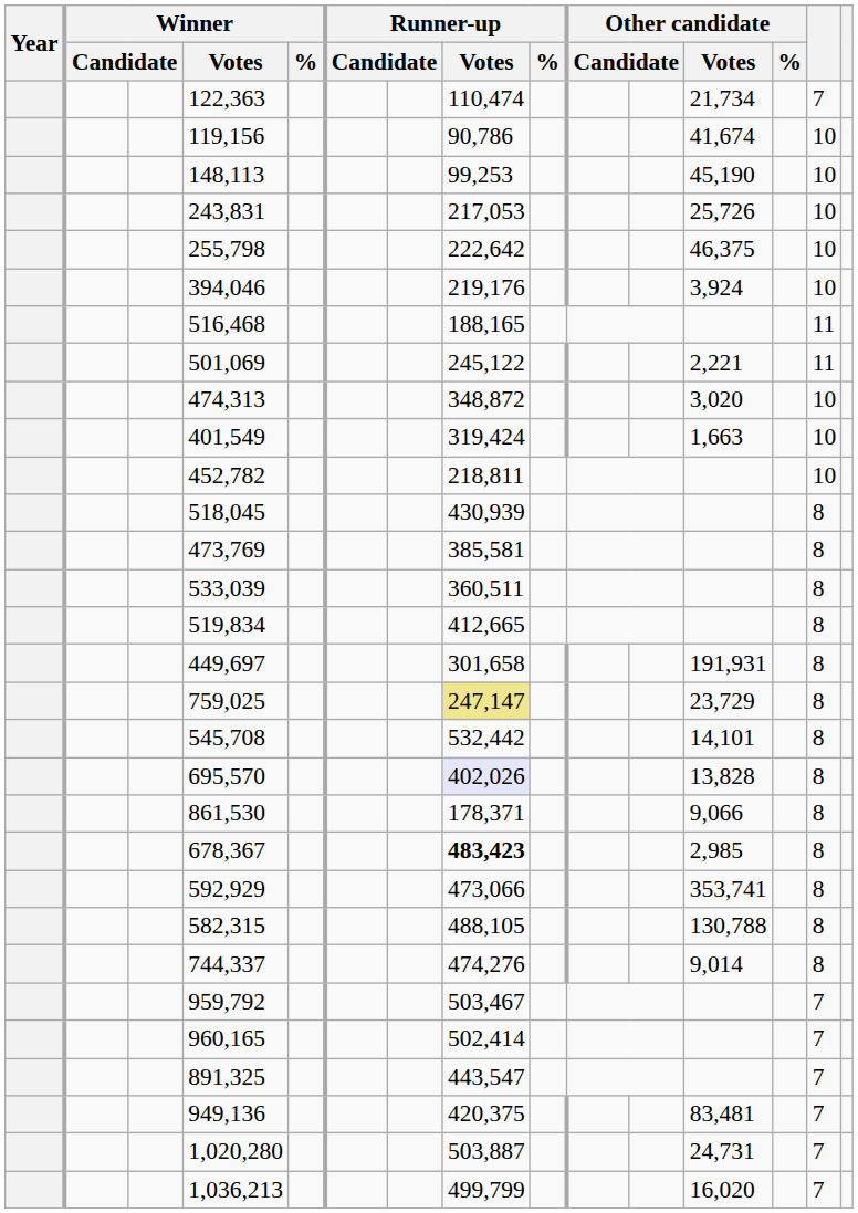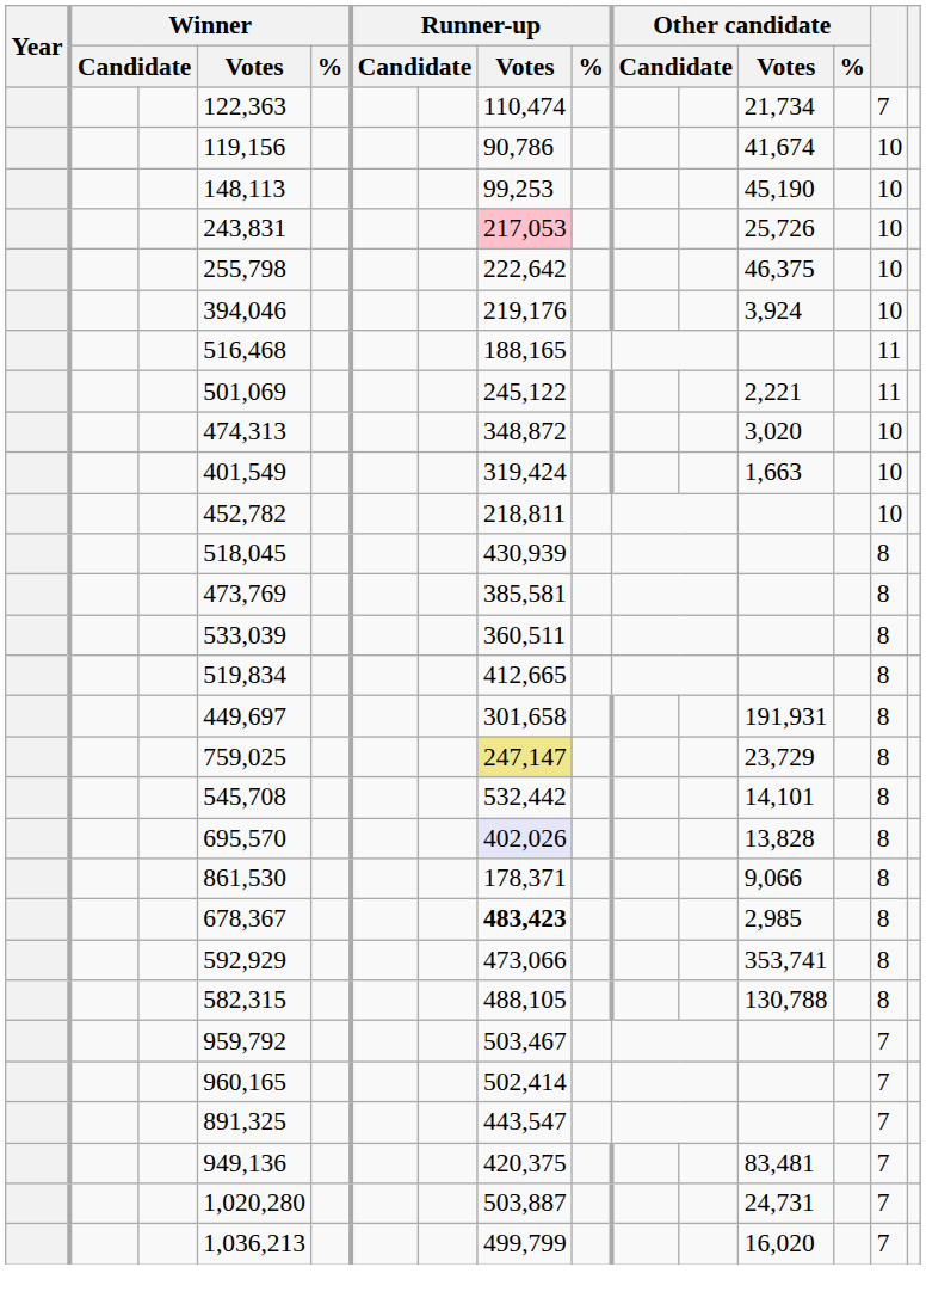 <table class="wikitable sortable">
 <tr>
 <th rowspan="2" scope="col">Year</th>
 <th colspan="4" scope="col" style="border-left:3px solid darkgray;">Winner</th>
 <th colspan="4" scope="col" style="border-left:3px solid darkgray;">Runner-up</th>
 <th colspan="4" scope="col" style="border-left:3px solid darkgray;">Other candidate</th>
 <th rowspan="2" scope="col"></th>
 <th rowspan="2" class="unsortable" scope="col"></th>
 </tr>
 <tr>
 <th colspan="2" scope="col" style="border-left:3px solid darkgray;">Candidate</th>
 <th data-sort-type="number" scope="col">Votes</th>
 <th data-sort-type="number" scope="col">%</th>
 <th colspan="2" scope="col" style="border-left:3px solid darkgray;">Candidate</th>
 <th data-sort-type="number" scope="col">Votes</th>
 <th data-sort-type="number" scope="col">%</th>
 <th colspan="2" scope="col" style="border-left:3px solid darkgray;">Candidate</th>
 <th data-sort-type="number" scope="col">Votes</th>
 <th data-sort-type="number" scope="col">%</th>
 </tr>
 <tr>
 <th scope="row"></th>
 <td style="text-align:left; border-left:3px solid darkgray; background-color:"></td>
 <td><strong></strong> </td>
 <td>122,363</td>
 <td></td>
 <td style="text-align:left; border-left:3px solid darkgray; background-color:"></td>
 <td> </td>
 <td>110,474</td>
 <td></td>
 <td style="text-align:left; border-left:3px solid darkgray; background-color:"></td>
 <td> </td>
 <td>21,734</td>
 <td></td>
 <td>7</td>
 <td></td>
 </tr>
 <tr>
 <th scope="row"></th>
 <td style="text-align:left; border-left:3px solid darkgray; background-color:"></td>
 <td><strong></strong> </td>
 <td>119,156</td>
 <td></td>
 <td style="text-align:left; border-left:3px solid darkgray; background-color:"></td>
 <td> </td>
 <td>90,786</td>
 <td></td>
 <td style="text-align:left; border-left:3px solid darkgray; background-color:"></td>
 <td> </td>
 <td>41,674</td>
 <td></td>
 <td>10</td>
 <td></td>
 </tr>
 <tr>
 <th scope="row"></th>
 <td style="text-align:left; border-left:3px solid darkgray; background-color:"></td>
 <td><strong></strong> </td>
 <td>148,113</td>
 <td></td>
 <td style="text-align:left; border-left:3px solid darkgray; background-color:"></td>
 <td> </td>
 <td>99,253</td>
 <td></td>
 <td style="text-align:left; border-left:3px solid darkgray; background-color:"></td>
 <td> </td>
 <td>45,190</td>
 <td></td>
 <td>10</td>
 <td></td>
 </tr>
 <tr>
 <th scope="row"></th>
 <td style="text-align:left; border-left:3px solid darkgray; background-color:"></td>
 <td><strong></strong>  </td>
 <td>243,831</td>
 <td></td>
 <td style="text-align:left; border-left:3px solid darkgray; background-color:"></td>
 <td> </td>
-<td>217,053</td>
+<td style="background: pink;">217,053</td>
 <td></td>
 <td style="text-align:left; border-left:3px solid darkgray; background-color:"></td>
 <td> </td>
 <td>25,726</td>
 <td></td>
 <td>10</td>
 <td></td>
 </tr>
 <tr>
 <th scope="row"></th>
 <td style="text-align:left; border-left:3px solid darkgray; background-color:"></td>
 <td><strong></strong> </td>
 <td>255,798</td>
 <td></td>
 <td style="text-align:left; border-left:3px solid darkgray; background-color:"></td>
 <td>  </td>
 <td>222,642</td>
 <td></td>
 <td style="text-align:left; border-left:3px solid darkgray; background-color:"></td>
 <td> </td>
 <td>46,375</td>
 <td></td>
 <td>10</td>
 <td></td>
 </tr>
 <tr>
 <th scope="row"></th>
 <td style="text-align:left; border-left:3px solid darkgray; background-color:"></td>
 <td><strong></strong> </td>
 <td>394,046</td>
 <td></td>
 <td style="text-align:left; border-left:3px solid darkgray; background-color:"></td>
 <td> </td>
 <td>219,176</td>
 <td></td>
 <td style="text-align:left; border-left:3px solid darkgray; background-color:"></td>
 <td> </td>
 <td>3,924</td>
 <td></td>
 <td>10</td>
 <td></td>
 </tr>
 <tr>
 <th scope="row"></th>
 <td style="text-align:left; border-left:3px solid darkgray; background-color:"></td>
 <td><strong></strong> </td>
 <td>516,468</td>
 <td></td>
 <td style="text-align:left; border-left:3px solid darkgray; background-color:"></td>
 <td> </td>
 <td>188,165</td>
 <td></td>
 <td colspan="2" style="text-align:left; "></td>
 <td></td>
 <td></td>
 <td>11</td>
 <td></td>
 </tr>
 <tr>
 <th scope="row"></th>
 <td style="text-align:left; border-left:3px solid darkgray; background-color:"></td>
 <td><strong></strong> </td>
 <td>501,069</td>
 <td></td>
 <td style="text-align:left; border-left:3px solid darkgray; background-color:"></td>
 <td> </td>
 <td>245,122</td>
 <td></td>
 <td style="text-align:left; border-left:3px solid darkgray; background-color:"></td>
 <td> </td>
 <td>2,221</td>
 <td></td>
 <td>11</td>
 <td></td>
 </tr>
 <tr>
 <th scope="row"></th>
 <td style="text-align:left; border-left:3px solid darkgray; background-color:"></td>
 <td><strong></strong> </td>
 <td>474,313</td>
 <td></td>
 <td style="text-align:left; border-left:3px solid darkgray; background-color:"></td>
 <td> </td>
 <td>348,872</td>
 <td></td>
 <td style="text-align:left; border-left:3px solid darkgray; background-color:"></td>
 <td> </td>
 <td>3,020</td>
 <td></td>
 <td>10</td>
 <td></td>
 </tr>
 <tr>
 <th scope="row"></th>
 <td style="text-align:left; border-left:3px solid darkgray; background-color:"></td>
 <td><strong></strong> </td>
 <td>401,549</td>
 <td></td>
 <td style="text-align:left; border-left:3px solid darkgray; background-color:"></td>
 <td> </td>
 <td>319,424</td>
 <td></td>
 <td style="text-align:left; border-left:3px solid darkgray; background-color:"></td>
 <td> </td>
 <td>1,663</td>
 <td></td>
 <td>10</td>
 <td></td>
 </tr>
 <tr>
 <th scope="row"></th>
 <td style="text-align:left; border-left:3px solid darkgray; background-color:"></td>
 <td><strong></strong> </td>
 <td>452,782</td>
 <td></td>
 <td style="text-align:left; border-left:3px solid darkgray; background-color:"></td>
 <td> </td>
 <td>218,811</td>
 <td></td>
 <td colspan="2" style="text-align:left;"></td>
 <td></td>
 <td></td>
 <td>10</td>
 <td></td>
 </tr>
 <tr>
 <th scope="row"></th>
 <td style="text-align:left; border-left:3px solid darkgray; background-color:"></td>
 <td><strong></strong>  </td>
 <td>518,045</td>
 <td></td>
 <td style="text-align:left; border-left:3px solid darkgray; background-color:"></td>
 <td> </td>
 <td>430,939</td>
 <td></td>
 <td colspan="2" style="text-align:left;"></td>
 <td></td>
 <td></td>
 <td>8</td>
 <td></td>
 </tr>
 <tr>
 <th scope="row"></th>
 <td style="text-align:left; border-left:3px solid darkgray; background-color:"></td>
 <td><strong></strong>  </td>
 <td>473,769</td>
 <td></td>
 <td style="text-align:left; border-left:3px solid darkgray; background-color:"></td>
 <td> </td>
 <td>385,581</td>
 <td></td>
 <td colspan="2"></td>
 <td></td>
 <td></td>
 <td>8</td>
 <td></td>
 </tr>
 <tr>
 <th scope="row"></th>
 <td style="text-align:left; border-left:3px solid darkgray; background-color:"></td>
 <td><strong></strong> </td>
 <td>533,039</td>
 <td></td>
 <td style="text-align:left; border-left:3px solid darkgray; background-color:"></td>
 <td>  </td>
 <td>360,511</td>
 <td></td>
 <td colspan="2"></td>
 <td></td>
 <td></td>
 <td>8</td>
 <td></td>
 </tr>
 <tr>
 <th scope="row"></th>
 <td style="text-align:left; border-left:3px solid darkgray; background-color:"></td>
 <td><strong></strong>  </td>
 <td>519,834</td>
 <td></td>
 <td style="text-align:left; border-left:3px solid darkgray; background-color:"></td>
 <td> </td>
 <td>412,665</td>
 <td></td>
 <td colspan="2"></td>
 <td></td>
 <td></td>
 <td>8</td>
 <td></td>
 </tr>
 <tr>
 <th scope="row"></th>
 <td style="text-align:left; border-left:3px solid darkgray; background-color:"></td>
 <td><strong></strong>  </td>
 <td>449,697</td>
 <td></td>
 <td style="text-align:left; border-left:3px solid darkgray; background-color:"></td>
 <td> </td>
 <td>301,658</td>
 <td></td>
 <td style="text-align:left; border-left:3px solid darkgray; background-color:"></td>
 <td> </td>
 <td>191,931</td>
 <td></td>
 <td>8</td>
 <td></td>
 </tr>
 <tr>
 <th scope="row"></th>
 <td style="text-align:left; border-left:3px solid darkgray; background-color:"></td>
 <td><strong></strong>  </td>
 <td>759,025</td>
 <td></td>
 <td style="text-align:left; border-left:3px solid darkgray; background-color:"></td>
 <td> </td>
 <td style="background: khaki;">247,147</td>
 <td></td>
 <td style="text-align:left; border-left:3px solid darkgray; background-color:"></td>
 <td> </td>
 <td>23,729</td>
 <td></td>
 <td>8</td>
 <td></td>
 </tr>
 <tr>
 <th scope="row"></th>
 <td style="text-align:left; border-left:3px solid darkgray; background-color:"></td>
 <td><strong></strong> </td>
 <td>545,708</td>
 <td></td>
 <td style="text-align:left; border-left:3px solid darkgray; background-color:"></td>
 <td>  </td>
 <td>532,442</td>
 <td></td>
 <td style="text-align:left; border-left:3px solid darkgray; background:"></td>
 <td> </td>
 <td>14,101</td>
 <td></td>
 <td>8</td>
 <td></td>
 </tr>
 <tr>
 <th scope="row"></th>
 <td style="text-align:left; border-left:3px solid darkgray; background-color:"></td>
 <td><strong></strong>  </td>
 <td>695,570</td>
 <td></td>
 <td style="text-align:left; border-left:3px solid darkgray; background-color:"></td>
 <td> </td>
 <td style="background: lavender;">402,026</td>
 <td></td>
 <td style="text-align:left; border-left:3px solid darkgray; background-color:"></td>
 <td> </td>
 <td>13,828</td>
 <td></td>
 <td>8</td>
 <td></td>
 </tr>
 <tr>
 <th scope="row"></th>
 <td style="text-align:left; border-left:3px solid darkgray; background-color:"></td>
 <td><strong></strong>  </td>
 <td>861,530</td>
 <td></td>
 <td style="text-align:left; border-left:3px solid darkgray; background-color:"></td>
 <td> </td>
 <td>178,371</td>
 <td></td>
 <td style="text-align:left; border-left:3px solid darkgray; background-color:"></td>
 <td> </td>
 <td>9,066</td>
 <td></td>
 <td>8</td>
 <td></td>
 </tr>
 <tr>
 <th scope="row"></th>
 <td style="text-align:left; border-left:3px solid darkgray; background-color:"></td>
 <td><strong></strong>  </td>
 <td>678,367</td>
 <td></td>
 <td style="text-align:left; border-left:3px solid darkgray; background-color:"></td>
 <td> </td>
 <td><strong>483,423</strong></td>
 <td></td>
 <td style="text-align:left; border-left:3px solid darkgray; background-color:"></td>
 <td> </td>
 <td>2,985</td>
 <td></td>
 <td>8</td>
 <td></td>
 </tr>
 <tr>
 <th scope="row"></th>
 <td style="text-align:left; border-left:3px solid darkgray; background-color:"></td>
 <td><strong></strong> </td>
 <td>592,929</td>
 <td></td>
 <td style="text-align:left; border-left:3px solid darkgray; background-color:"></td>
 <td>  </td>
 <td>473,066</td>
 <td></td>
 <td style="text-align:left; border-left:3px solid darkgray; background-color:"></td>
 <td> </td>
 <td>353,741</td>
 <td></td>
 <td>8</td>
 <td></td>
 </tr>
 <tr>
 <th scope="row"></th>
 <td style="text-align:left; border-left:3px solid darkgray; background-color:"></td>
 <td><strong></strong> </td>
 <td>582,315</td>
 <td></td>
 <td style="text-align:left; border-left:3px solid darkgray; background-color:"></td>
 <td>  </td>
 <td>488,105</td>
 <td></td>
 <td style="text-align:left; border-left:3px solid darkgray; background-color:"></td>
 <td> </td>
 <td>130,788</td>
 <td></td>
 <td>8</td>
 <td></td>
 </tr>
 <tr>
 <th scope="row"></th>
 <td style="text-align:left; border-left:3px solid darkgray; background-color:"></td>
-<td><strong></strong>  </td>
-<td>744,337</td>
-<td></td>
-<td style="text-align:left; border-left:3px solid darkgray; background-color:"></td>
-<td> </td>
-<td>474,276</td>
-<td></td>
-<td style="text-align:left; border-left:3px solid darkgray; background-color:"></td>
-<td> </td>
-<td>9,014</td>
-<td></td>
-<td>8</td>
-<td></td>
-</tr>
-<tr>
-<th scope="row"></th>
-<td style="text-align:left; border-left:3px solid darkgray; background-color:"></td>
 <td><strong></strong> </td>
 <td>959,792</td>
 <td></td>
 <td style="text-align:left; border-left:3px solid darkgray; background-color:"></td>
 <td> </td>
 <td>503,467</td>
 <td></td>
 <td colspan="2"></td>
 <td></td>
 <td></td>
 <td>7</td>
 <td></td>
 </tr>
 <tr>
 <th scope="row"></th>
 <td style="text-align:left; border-left:3px solid darkgray; background-color:"></td>
 <td><strong></strong> </td>
 <td>960,165</td>
 <td></td>
 <td style="text-align:left; border-left:3px solid darkgray; background-color:"></td>
 <td> </td>
 <td>502,414</td>
 <td></td>
 <td colspan="2"></td>
 <td></td>
 <td></td>
 <td>7</td>
 <td></td>
 </tr>
 <tr>
 <th scope="row"><strong></strong></th>
 <td style="text-align:left; border-left:3px solid darkgray; background-color:"></td>
 <td><strong></strong> </td>
 <td>891,325</td>
 <td></td>
 <td style="text-align:left; border-left:3px solid darkgray; background-color:"></td>
 <td> </td>
 <td>443,547</td>
 <td></td>
 <td colspan="2"></td>
 <td></td>
 <td></td>
 <td>7</td>
 <td></td>
 </tr>
 <tr>
 <th scope="row"></th>
 <td style="text-align:left; border-left:3px solid darkgray; background-color:"></td>
 <td><strong></strong> </td>
 <td>949,136</td>
 <td></td>
 <td style="text-align:left; border-left:3px solid darkgray; background-color:"></td>
 <td> </td>
 <td>420,375</td>
 <td></td>
 <td style="text-align:left; border-left:3px solid darkgray; background-color:"></td>
 <td> </td>
 <td>83,481</td>
 <td></td>
 <td>7</td>
 <td></td>
 </tr>
 <tr>
 <th scope="row"></th>
 <td style="text-align:left; border-left:3px solid darkgray; background-color:"></td>
 <td><strong></strong> </td>
 <td>1,020,280</td>
 <td></td>
 <td style="text-align:left; border-left:3px solid darkgray; background-color:"></td>
 <td> </td>
 <td>503,887</td>
 <td></td>
 <td style="text-align:left; border-left:3px solid darkgray; background-color:"></td>
 <td> </td>
 <td>24,731</td>
 <td></td>
 <td>7</td>
 <td></td>
 </tr>
 <tr>
 <th></th>
 <td style="text-align:left; border-left:3px solid darkgray; background-color:"></td>
 <td><strong></strong> </td>
 <td>1,036,213</td>
 <td></td>
 <td style="text-align:left; border-left:3px solid darkgray; background-color:"></td>
 <td> </td>
 <td>499,799</td>
 <td></td>
 <td style="text-align:left; border-left:3px solid darkgray; background-color:"></td>
 <td> </td>
 <td>16,020</td>
 <td></td>
 <td>7</td>
 <td></td>
 </tr>
 </table>
